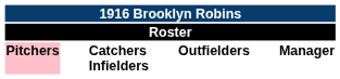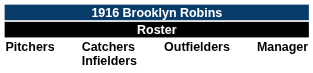 <table class="toccolours" style="font-size: 95%;">
 <tr>
 <th colspan="10" style="background-color: #083c6b; color: white; text-align: center;">1916 Brooklyn Robins</th>
 </tr>
 <tr>
 <td colspan="10" style="background-color: black; color: white; text-align: center;"><strong>Roster</strong></td>
 </tr>
 <tr>
-<td valign="top" style="background: pink;"><strong>Pitchers</strong><br>         </td>
+<td valign="top"><strong>Pitchers</strong><br>         </td>
 <td width="25px"></td>
 <td valign="top"><strong>Catchers</strong><br>     <strong>Infielders</strong>          </td>
 <td width="25px"></td>
 <td valign="top"><strong>Outfielders</strong><br>      </td>
 <td width="25px"></td>
 <td valign="top"><strong>Manager</strong><br></td>
 </tr>
 </table>
